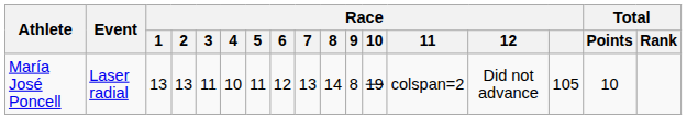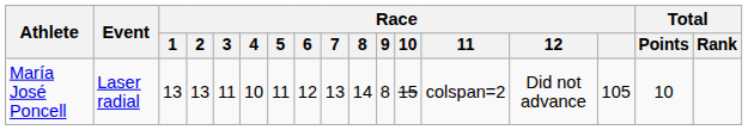 <table class=wikitable style=font-size:90%;text-align:center>
 <tr>
 <th rowspan=2>Athlete</th>
 <th rowspan=2>Event</th>
 <th colspan=13>Race</th>
 <th colspan=2>Total</th>
 </tr>
 <tr style=font-size:95%>
 <th>1</th>
 <th>2</th>
 <th>3</th>
 <th>4</th>
 <th>5</th>
 <th>6</th>
 <th>7</th>
 <th>8</th>
 <th>9</th>
 <th>10</th>
 <th>11</th>
 <th>12</th>
 <th></th>
 <th>Points</th>
 <th>Rank</th>
 </tr>
 <tr>
 <td align=left><a href='#'>María José Poncell</a></td>
 <td align=left><a href='#'>Laser radial</a></td>
 <td>13</td>
 <td>13</td>
 <td>11</td>
 <td>10</td>
 <td>11</td>
 <td>12</td>
 <td>13</td>
 <td>14</td>
 <td>8</td>
-<td><s>19</s></td>
+<td><s>15</s></td>
 <td>colspan=2 </td>
 <td>Did not advance</td>
 <td>105</td>
 <td>10</td>
 </tr>
 </table>
